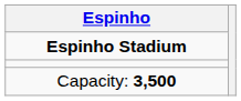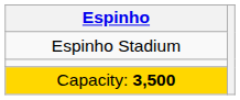 <table class="wikitable" style="text-align:center;margin:1em auto;">
 <tr>
 <th width=200><a href='#'>Espinho</a> <br></th>
 <th rowspan=5 colspan=2></th>
 </tr>
 <tr>
-<td><strong>Espinho Stadium</strong></td>
+<td>Espinho Stadium</td>
 </tr>
 <tr>
 <td></td>
 </tr>
 <tr>
-<td>Capacity: <strong>3,500</strong></td>
+<td style="background: gold;">Capacity: <strong>3,500</strong></td>
 </tr>
 </table>
